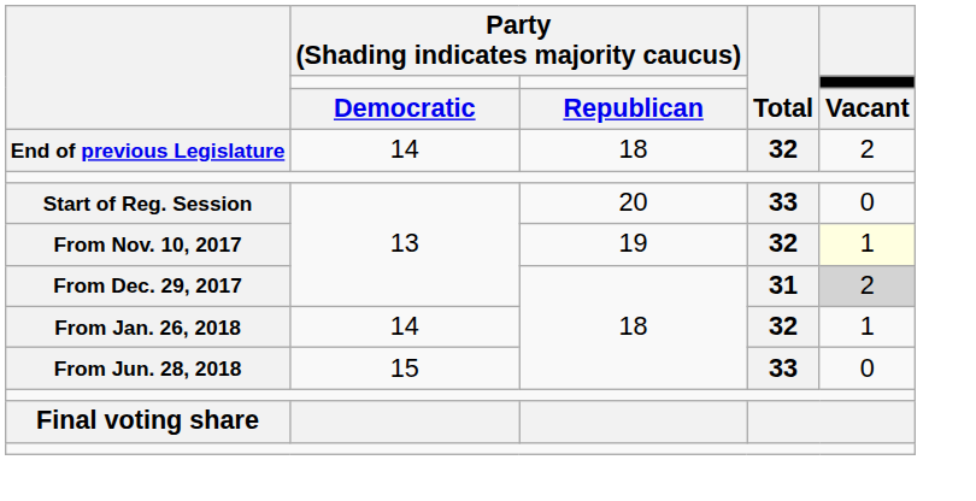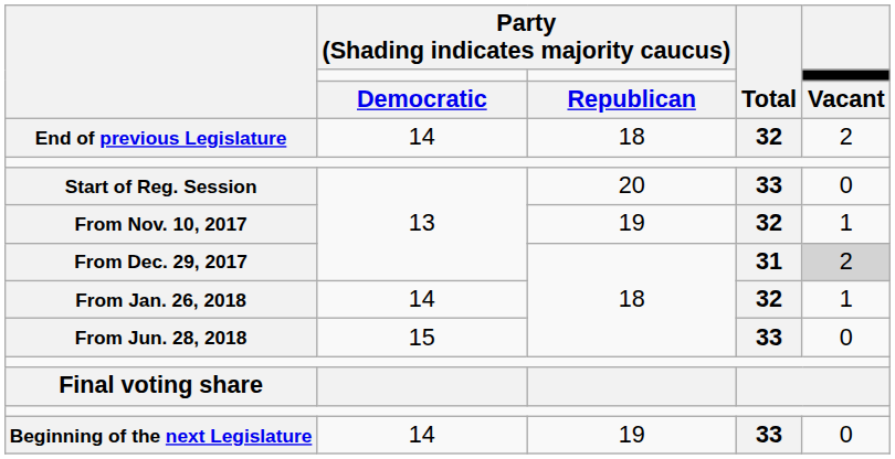 <table class=wikitable style="text-align:center">
 <tr style="vertical-align:bottom;">
 <th rowspan=3></th>
 <th colspan=2>Party <div>(Shading indicates majority caucus)</div></th>
 <th rowspan=3>Total</th>
 <th></th>
 </tr>
 <tr style="height:5px">
 <td style="background-color:"></td>
 <td style="background-color:"></td>
 <td style="background-color:black"></td>
 </tr>
 <tr>
 <th><a href='#'>Democratic</a></th>
 <th><a href='#'>Republican</a></th>
 <th>Vacant</th>
 </tr>
 <tr>
 <th nowrap style="font-size:80%">End of <a href='#'>previous Legislature</a></th>
 <td>14</td>
 <td>18</td>
 <th>32</th>
 <td>2</td>
 </tr>
 <tr>
 <td colspan=5></td>
 </tr>
 <tr>
 <th nowrap style="font-size:80%">Start of Reg. Session</th>
 <td rowspan="3">13</td>
 <td>20</td>
 <th>33</th>
 <td>0</td>
 </tr>
 <tr>
 <th nowrap style="font-size:80%">From Nov. 10, 2017</th>
 <td>19</td>
 <th>32</th>
-<td style="background: lightyellow;">1</td>
+<td>1</td>
 </tr>
 <tr>
 <th nowrap style="font-size:80%">From Dec. 29, 2017</th>
 <td rowspan="3" >18</td>
 <th>31</th>
 <td style="background: lightgrey;">2</td>
 </tr>
 <tr>
 <th nowrap style="font-size:80%">From Jan. 26, 2018</th>
 <td>14</td>
 <th>32</th>
 <td>1</td>
 </tr>
 <tr>
 <th nowrap style="font-size:80%">From Jun. 28, 2018</th>
 <td>15</td>
 <th>33</th>
 <td>0</td>
 </tr>
 <tr>
 <td colspan=5></td>
 </tr>
 <tr>
 <th>Final voting share</th>
 <th></th>
 <th></th>
 <th colspan=2></th>
 </tr>
 <tr>
 <td colspan=5></td>
 </tr>
+<tr>
+<th style="white-space:nowrap; font-size:80%;">Beginning of the <a href='#'>next Legislature</a></th>
+<td>14</td>
+<td>19</td>
+<th>33</th>
+<td>0</td>
+</tr>
 </table>
